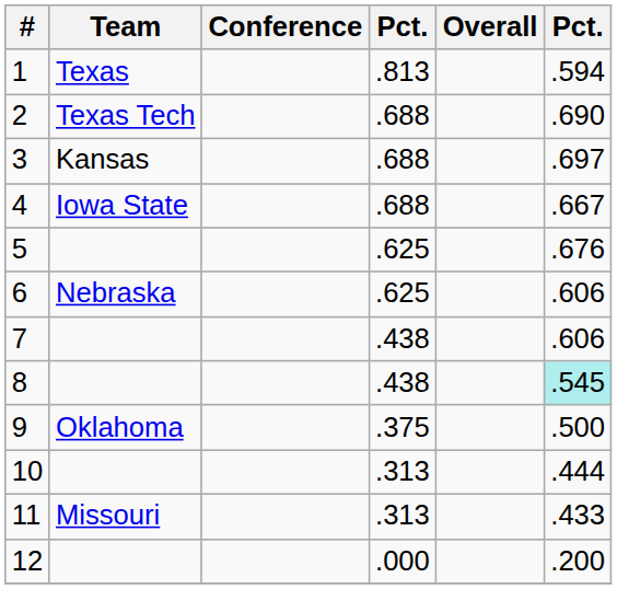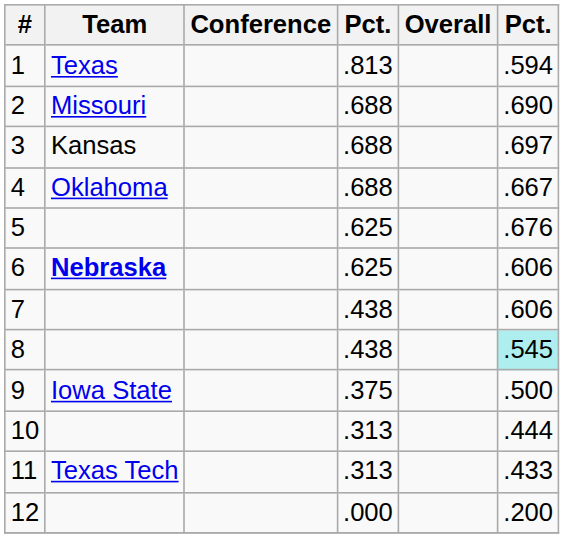 <table class="wikitable">
 <tr>
 <th>#</th>
 <th>Team</th>
 <th>Conference</th>
 <th>Pct.</th>
 <th>Overall</th>
 <th>Pct.</th>
 </tr>
 <tr>
 <td>1</td>
 <td><a href='#'>Texas</a></td>
 <td></td>
 <td>.813</td>
 <td></td>
 <td>.594</td>
 </tr>
 <tr>
 <td>2</td>
-<td><a href='#'>Texas Tech</a></td>
+<td><a href='#'>Missouri</a></td>
 <td></td>
 <td>.688</td>
 <td></td>
 <td>.690</td>
 </tr>
 <tr>
 <td>3</td>
 <td>Kansas</td>
 <td></td>
 <td>.688</td>
 <td></td>
 <td>.697</td>
 </tr>
 <tr>
 <td>4</td>
-<td><a href='#'>Iowa State</a></td>
+<td><a href='#'>Oklahoma</a></td>
 <td></td>
 <td>.688</td>
 <td></td>
 <td>.667</td>
 </tr>
 <tr>
 <td>5</td>
 <td></td>
 <td></td>
 <td>.625</td>
 <td></td>
 <td>.676</td>
 </tr>
 <tr>
 <td>6</td>
-<td><a href='#'>Nebraska</a></td>
+<td><strong><a href='#'>Nebraska</a></strong></td>
 <td></td>
 <td>.625</td>
 <td></td>
 <td>.606</td>
 </tr>
 <tr>
 <td>7</td>
 <td></td>
 <td></td>
 <td>.438</td>
 <td></td>
 <td>.606</td>
 </tr>
 <tr>
 <td>8</td>
 <td></td>
 <td></td>
 <td>.438</td>
 <td></td>
 <td style="background: paleturquoise;">.545</td>
 </tr>
 <tr>
 <td>9</td>
-<td><a href='#'>Oklahoma</a></td>
+<td><a href='#'>Iowa State</a></td>
 <td></td>
 <td>.375</td>
 <td></td>
 <td>.500</td>
 </tr>
 <tr>
 <td>10</td>
 <td></td>
 <td></td>
 <td>.313</td>
 <td></td>
 <td>.444</td>
 </tr>
 <tr>
 <td>11</td>
-<td><a href='#'>Missouri</a></td>
+<td><a href='#'>Texas Tech</a></td>
 <td></td>
 <td>.313</td>
 <td></td>
 <td>.433</td>
 </tr>
 <tr>
 <td>12</td>
 <td></td>
 <td></td>
 <td>.000</td>
 <td></td>
 <td>.200</td>
 </tr>
 <tr colspan="7" |>
 </tr>
 </table>
